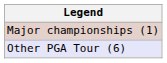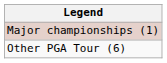 <table class="wikitable" style="font-size:95%;">
 <tr>
 <th>Legend</th>
 </tr>
 <tr style="background:#e5d1cb;">
 <td>Major championships (1)</td>
 </tr>
 <tr>
-<td style="background: lavender;">Other PGA Tour (6)</td>
+<td>Other PGA Tour (6)</td>
 </tr>
 </table>
